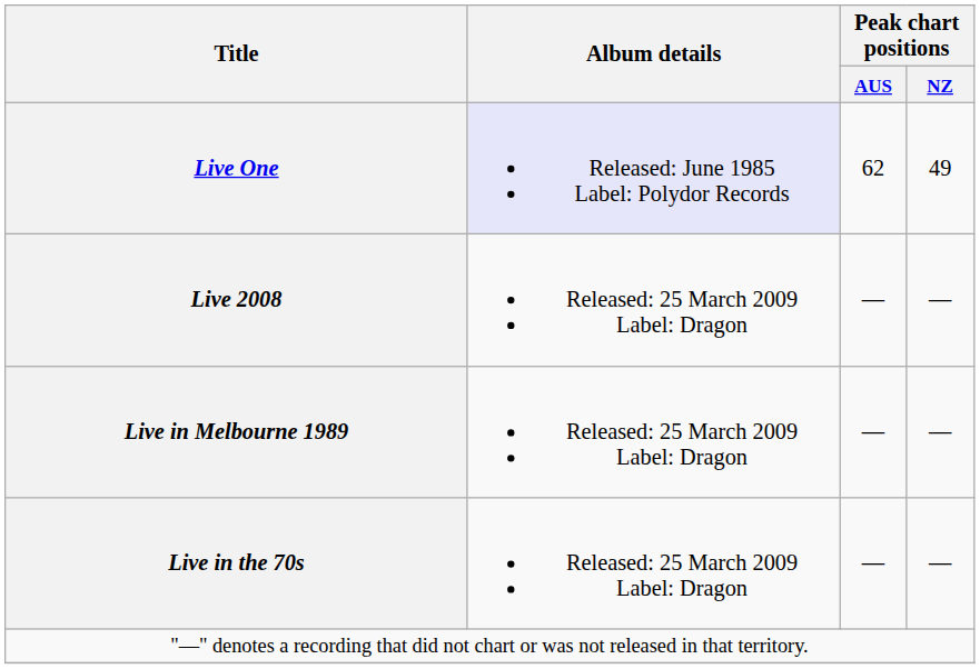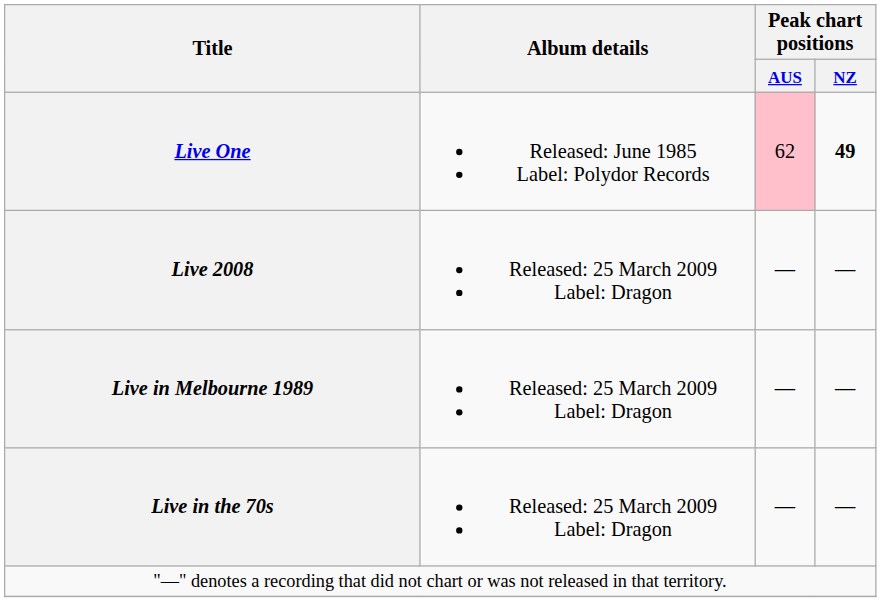 <table class="wikitable plainrowheaders" style="text-align:center;" border="1">
 <tr>
 <th scope="col" rowspan="2" style="width:20em;">Title</th>
 <th scope="col" rowspan="2" style="width:16em;">Album details</th>
 <th scope="col" colspan="2">Peak chart positions</th>
 </tr>
 <tr>
 <th width="40px"><small><a href='#'>AUS</a></small></th>
 <th width="40px"><small><a href='#'>NZ</a></small></th>
 </tr>
 <tr>
 <th scope="row"><em><a href='#'>Live One</a></em></th>
-<td align="center" style="background: lavender;"><br><ul><li>Released: June 1985</li><li>Label: Polydor Records</li></ul></td>
-<td align="center">62</td>
-<td align="center">49</td>
+<td align="center"><br><ul><li>Released: June 1985</li><li>Label: Polydor Records</li></ul></td>
+<td align="center" style="background: pink;">62</td>
+<td align="center"><strong>49</strong></td>
 </tr>
 <tr>
 <th scope="row"><em>Live 2008</em></th>
 <td align="center"><br><ul><li>Released: 25 March 2009</li><li>Label: Dragon</li></ul></td>
 <td align="center">—</td>
 <td align="center">—</td>
 </tr>
 <tr>
 <th scope="row"><em>Live in Melbourne 1989</em></th>
 <td align="center"><br><ul><li>Released: 25 March 2009</li><li>Label: Dragon</li></ul></td>
 <td align="center">—</td>
 <td align="center">—</td>
 </tr>
 <tr>
 <th scope="row"><em>Live in the 70s</em></th>
 <td align="center"><br><ul><li>Released: 25 March 2009</li><li>Label: Dragon</li></ul></td>
 <td align="center">—</td>
 <td align="center">—</td>
 </tr>
 <tr>
 <td colspan="5" style="font-size:90%" align="center">"—" denotes a recording that did not chart or was not released in that territory.</td>
 </tr>
 <tr>
 </tr>
 </table>
